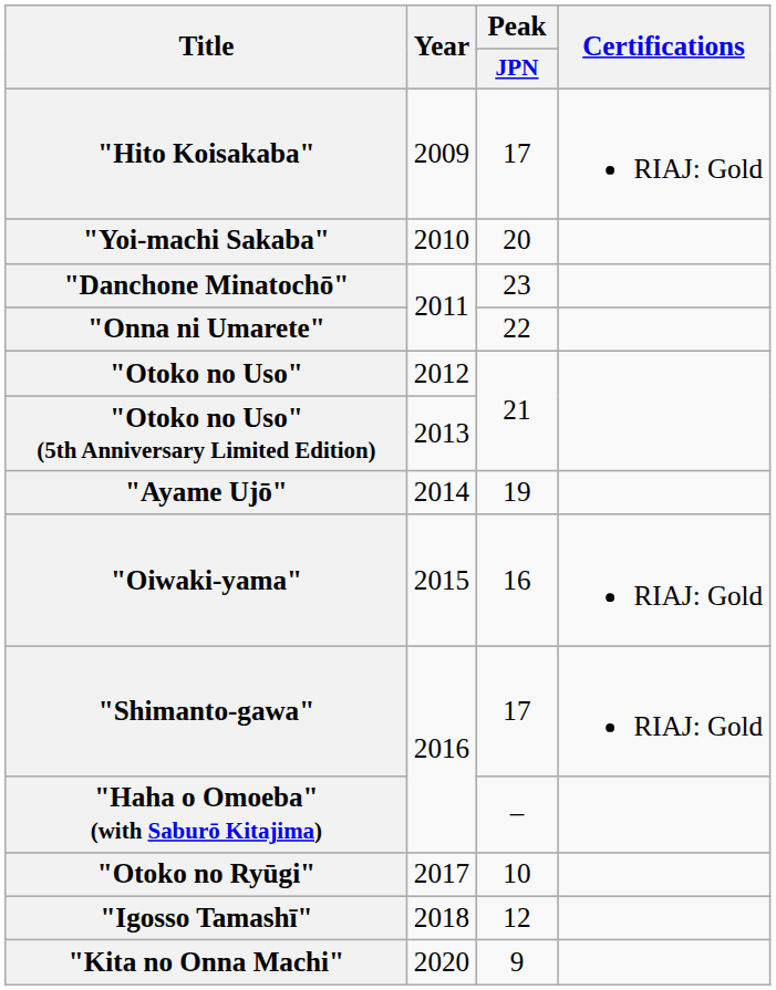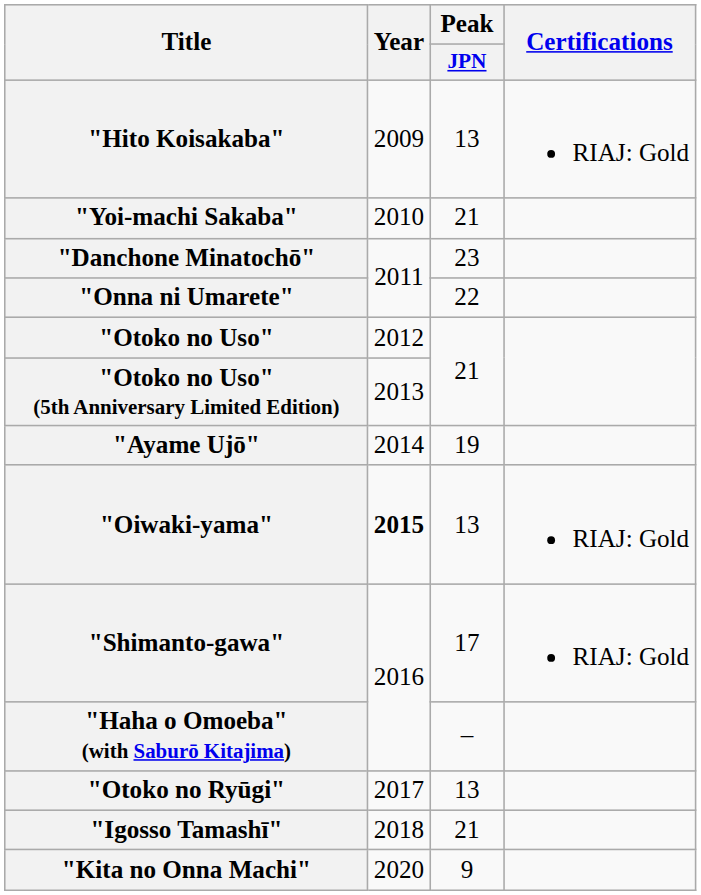 <table class="wikitable plainrowheaders" style="text-align:center;">
 <tr>
 <th scope="col" rowspan="2" style="width:14em;">Title</th>
 <th scope="col" rowspan="2">Year</th>
 <th scope="col">Peak</th>
 <th scope="col" rowspan="2"><a href='#'>Certifications</a></th>
 </tr>
 <tr>
 <th scope="col" style="width:3em;font-size:85%;"><a href='#'>JPN</a><br></th>
 </tr>
 <tr>
 <th scope="row">"Hito Koisakaba"</th>
 <td>2009</td>
-<td>17</td>
+<td>13</td>
 <td><br><ul><li>RIAJ: Gold</li></ul></td>
 </tr>
 <tr>
 <th scope="row">"Yoi-machi Sakaba"</th>
 <td>2010</td>
-<td>20</td>
+<td>21</td>
 <td></td>
 </tr>
 <tr>
 <th scope="row">"Danchone Minatochō"</th>
 <td rowspan="2">2011</td>
 <td>23</td>
 <td></td>
 </tr>
 <tr>
 <th scope="row">"Onna ni Umarete"</th>
 <td>22</td>
 <td></td>
 </tr>
 <tr>
 <th scope="row">"Otoko no Uso"</th>
 <td>2012</td>
 <td rowspan="2">21</td>
 <td rowspan="2"></td>
 </tr>
 <tr>
 <th scope="row">"Otoko no Uso"<br><small>(5th Anniversary Limited Edition)</small></th>
 <td>2013</td>
 </tr>
 <tr>
 <th scope="row">"Ayame Ujō"</th>
 <td>2014</td>
 <td>19</td>
 <td></td>
 </tr>
 <tr>
 <th scope="row">"Oiwaki-yama"</th>
-<td>2015</td>
-<td>16</td>
+<td><strong>2015</strong></td>
+<td>13</td>
 <td><br><ul><li>RIAJ: Gold</li></ul></td>
 </tr>
 <tr>
 <th scope="row">"Shimanto-gawa"</th>
 <td rowspan="2">2016</td>
 <td>17</td>
 <td><br><ul><li>RIAJ: Gold</li></ul></td>
 </tr>
 <tr>
 <th scope="row">"Haha o Omoeba"<br><small>(with <a href='#'>Saburō Kitajima</a>)</small></th>
 <td>–</td>
 <td></td>
 </tr>
 <tr>
 <th scope="row">"Otoko no Ryūgi"</th>
 <td>2017</td>
-<td>10</td>
+<td>13</td>
 <td></td>
 </tr>
 <tr>
 <th scope="row">"Igosso Tamashī"</th>
 <td>2018</td>
-<td>12</td>
+<td>21</td>
 <td></td>
 </tr>
 <tr>
 <th scope="row">"Kita no Onna Machi"</th>
 <td>2020</td>
 <td>9</td>
 <td></td>
 </tr>
 </table>
